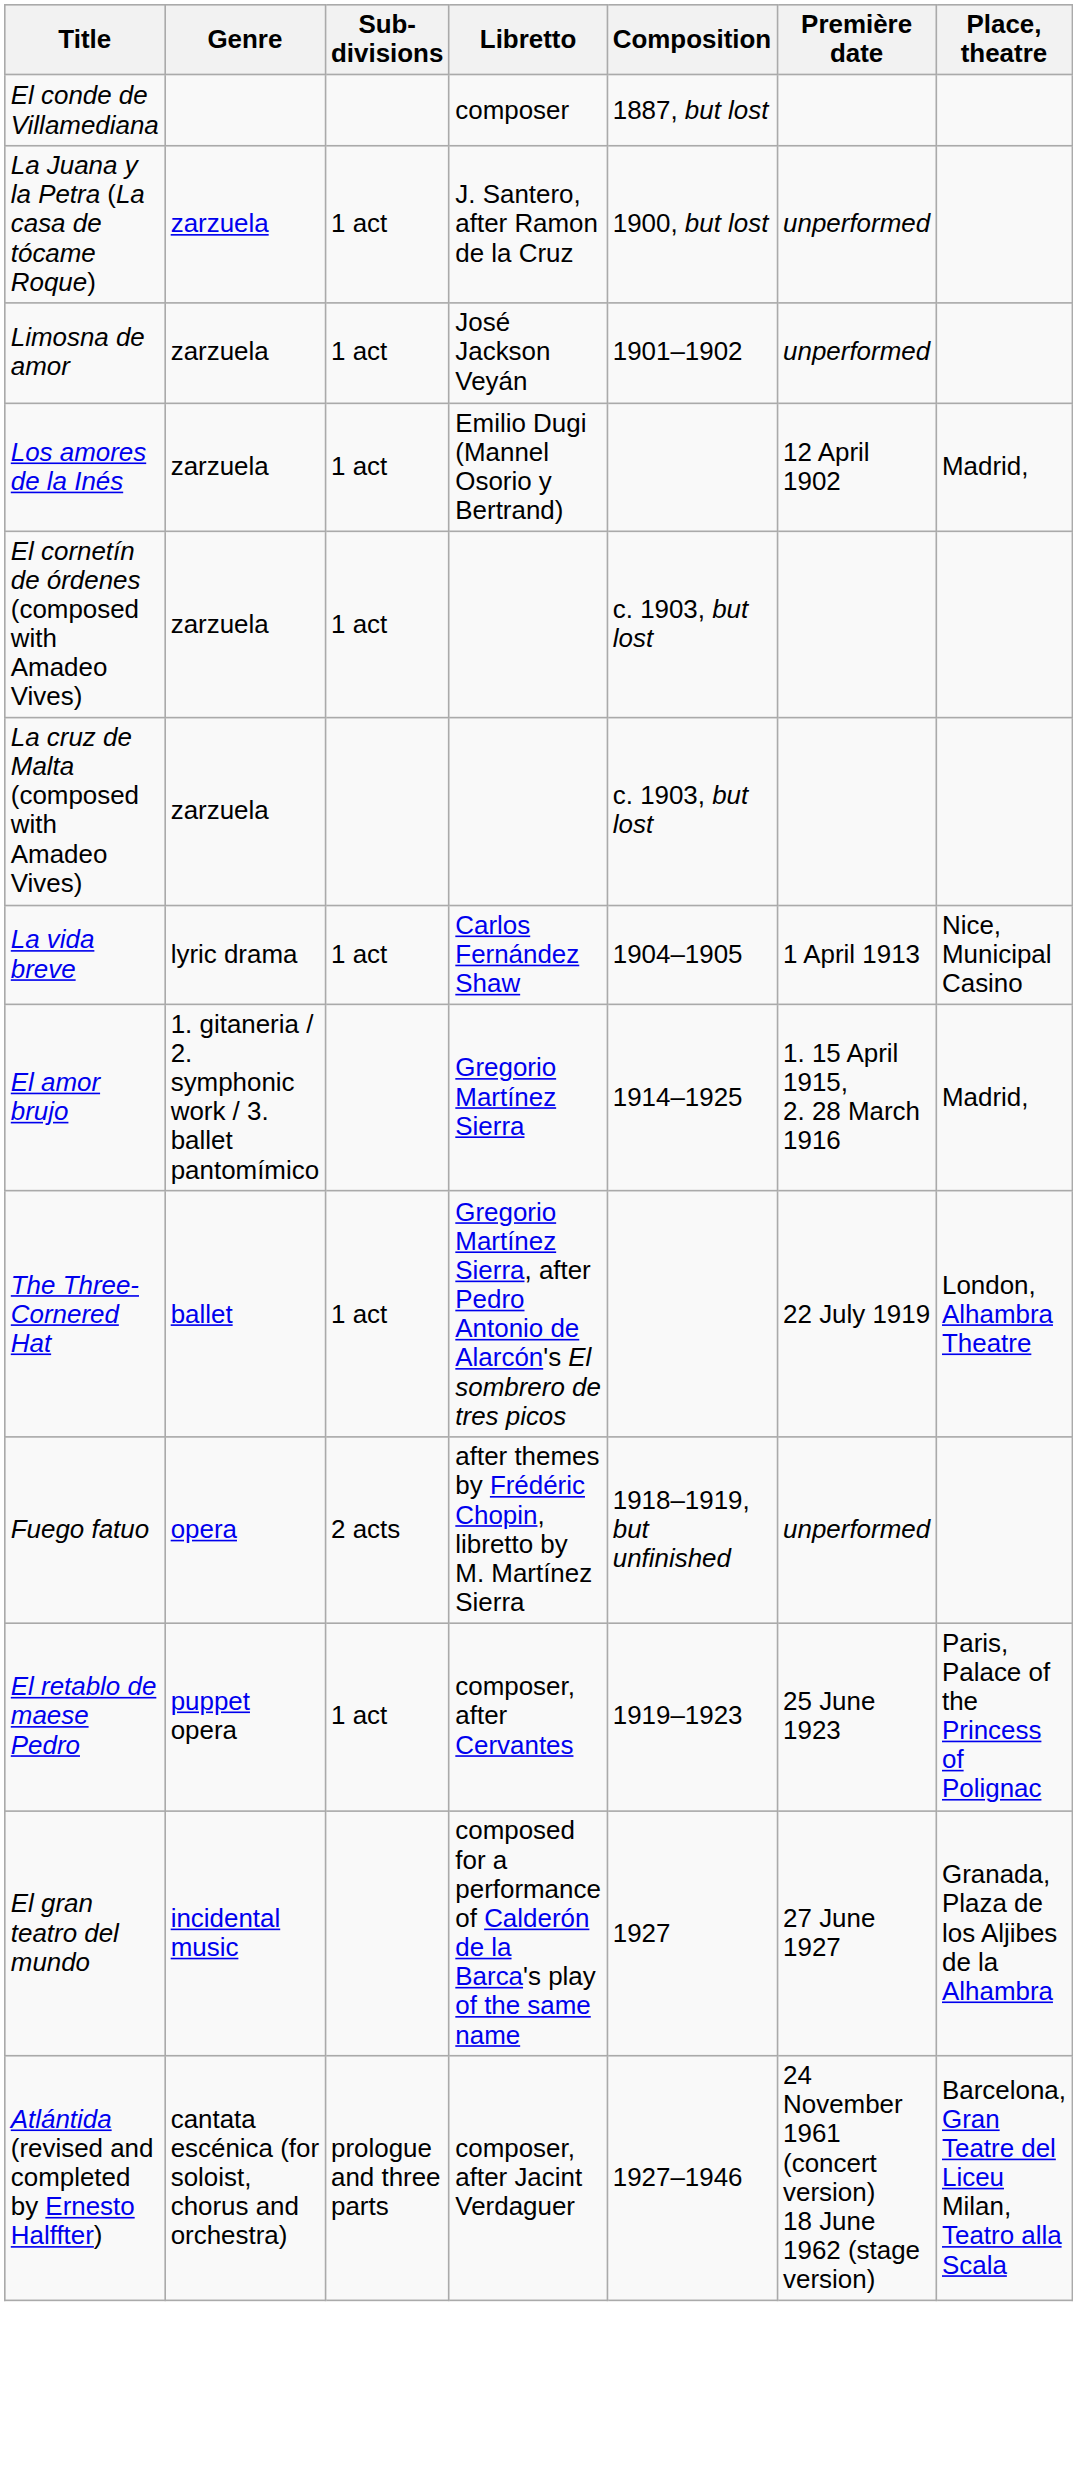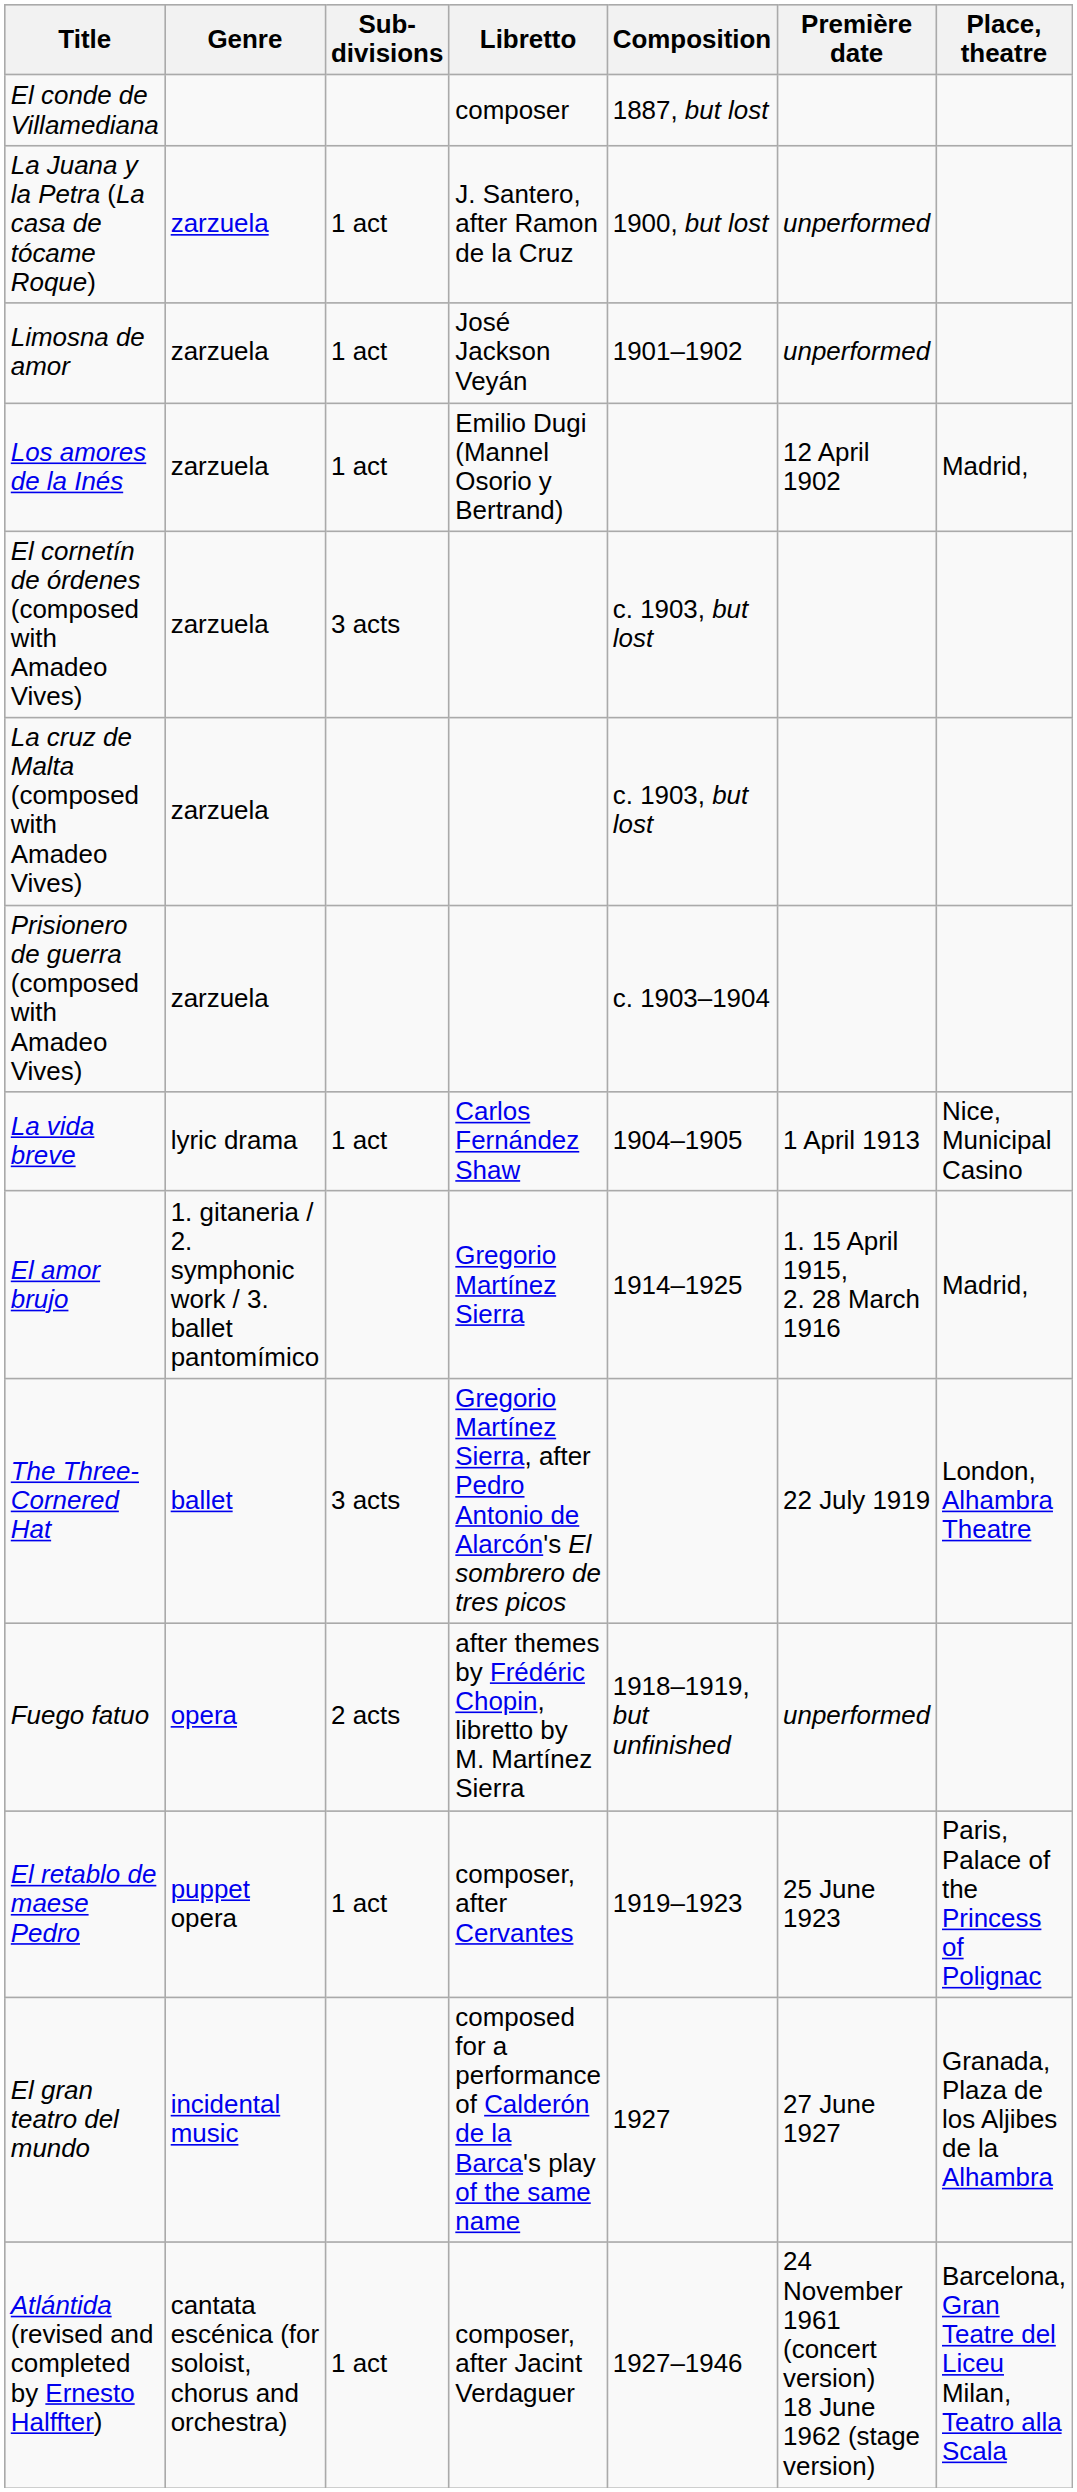 <table class="wikitable sortable">
 <tr>
 <th>Title</th>
 <th>Genre</th>
 <th>Sub­divisions</th>
 <th>Libretto</th>
 <th>Composition</th>
 <th>Première date</th>
 <th>Place, theatre</th>
 </tr>
 <tr>
 <td><em>El conde de Villamediana</em></td>
 <td></td>
 <td></td>
 <td>composer</td>
 <td>1887, <em>but lost</em></td>
 <td></td>
 <td></td>
 </tr>
 <tr>
 <td><em>La Juana y la Petra</em> (<em>La casa de tócame Roque</em>)</td>
 <td><a href='#'>zarzuela</a></td>
 <td>1 act</td>
 <td>J. Santero, after Ramon de la Cruz</td>
 <td>1900, <em>but lost</em></td>
 <td><em>unperformed</em></td>
 <td></td>
 </tr>
 <tr>
 <td><em>Limosna de amor</em></td>
 <td>zarzuela</td>
 <td>1 act</td>
 <td>José Jackson Veyán</td>
 <td>1901–1902</td>
 <td><em>unperformed</em></td>
 <td></td>
 </tr>
 <tr>
 <td><em><a href='#'>Los amores de la Inés</a></em></td>
 <td>zarzuela</td>
 <td>1 act</td>
 <td>Emilio Dugi (Mannel Osorio y Bertrand)</td>
 <td></td>
 <td>12 April 1902</td>
 <td>Madrid, </td>
 </tr>
 <tr>
 <td><em>El cornetín de órdenes</em><br>(composed with Amadeo Vives)</td>
 <td>zarzuela</td>
-<td>1 act</td>
+<td>3 acts</td>
 <td></td>
 <td>c. 1903, <em>but lost</em></td>
 <td></td>
 <td></td>
 </tr>
 <tr>
 <td><em>La cruz de Malta</em><br>(composed with Amadeo Vives)</td>
 <td>zarzuela</td>
 <td></td>
 <td></td>
 <td>c. 1903, <em>but lost</em></td>
+<td></td>
+<td></td>
+</tr>
+<tr>
+<td><em>Prisionero de guerra</em><br>(composed with Amadeo Vives)</td>
+<td>zarzuela</td>
+<td></td>
+<td></td>
+<td>c. 1903–1904</td>
 <td></td>
 <td></td>
 </tr>
 <tr>
 <td><em><a href='#'>La vida breve</a></em></td>
 <td>lyric drama</td>
 <td>1 act</td>
 <td><a href='#'>Carlos Fernández Shaw</a></td>
 <td>1904–1905</td>
 <td>1 April 1913</td>
 <td>Nice, Municipal Casino</td>
 </tr>
 <tr>
 <td><em><a href='#'>El amor brujo</a></em></td>
 <td>1. gitaneria / 2. symphonic work / 3. ballet pantomímico</td>
 <td></td>
 <td><a href='#'>Gregorio Martínez Sierra</a></td>
 <td>1914–1925</td>
 <td> 1. 15 April 1915,<br>2. 28 March 1916</td>
 <td>Madrid, </td>
 </tr>
 <tr>
 <td><em><a href='#'>The Three-Cornered Hat</a></em></td>
 <td><a href='#'>ballet</a></td>
-<td>1 act</td>
+<td>3 acts</td>
 <td><a href='#'>Gregorio Martínez Sierra</a>, after <a href='#'>Pedro Antonio de Alarcón</a>'s <em>El sombrero de tres picos</em></td>
 <td></td>
 <td> 22 July 1919</td>
 <td>London, <a href='#'>Alhambra Theatre</a></td>
 </tr>
 <tr>
 <td><em>Fuego fatuo</em></td>
 <td><a href='#'>opera</a></td>
 <td>2 acts</td>
 <td>after themes by <a href='#'>Frédéric Chopin</a>, libretto by M. Martínez Sierra</td>
 <td>1918–1919, <em>but unfinished</em></td>
 <td><em>unperformed</em></td>
 <td></td>
 </tr>
 <tr>
 <td><em><a href='#'>El retablo de maese Pedro</a></em></td>
 <td><a href='#'>puppet</a> opera</td>
 <td>1 act</td>
 <td>composer, after <a href='#'>Cervantes</a></td>
 <td>1919–1923</td>
 <td>25 June 1923</td>
 <td>Paris, Palace of the <a href='#'>Princess of Polignac</a></td>
 </tr>
 <tr>
 <td><em>El gran teatro del mundo</em></td>
 <td><a href='#'>incidental music</a></td>
 <td></td>
 <td>composed for a performance of <a href='#'>Calderón de la Barca</a>'s play <a href='#'>of the same name</a></td>
 <td>1927</td>
 <td>27 June 1927</td>
 <td>Granada, Plaza de los Aljibes de la <a href='#'>Alhambra</a></td>
 </tr>
 <tr>
 <td><em><a href='#'>Atlántida</a></em><br>(revised and completed by <a href='#'>Ernesto Halffter</a>)</td>
 <td>cantata escénica (for soloist, chorus and orchestra)</td>
-<td>prologue and three parts</td>
+<td>1 act</td>
 <td>composer, after Jacint Verdaguer</td>
 <td>1927–1946</td>
 <td>24 November 1961 (concert version)<br>18 June 1962 (stage version)</td>
 <td>Barcelona, <a href='#'>Gran Teatre del Liceu</a><br>Milan, <a href='#'>Teatro alla Scala</a></td>
 </tr>
 </table>
